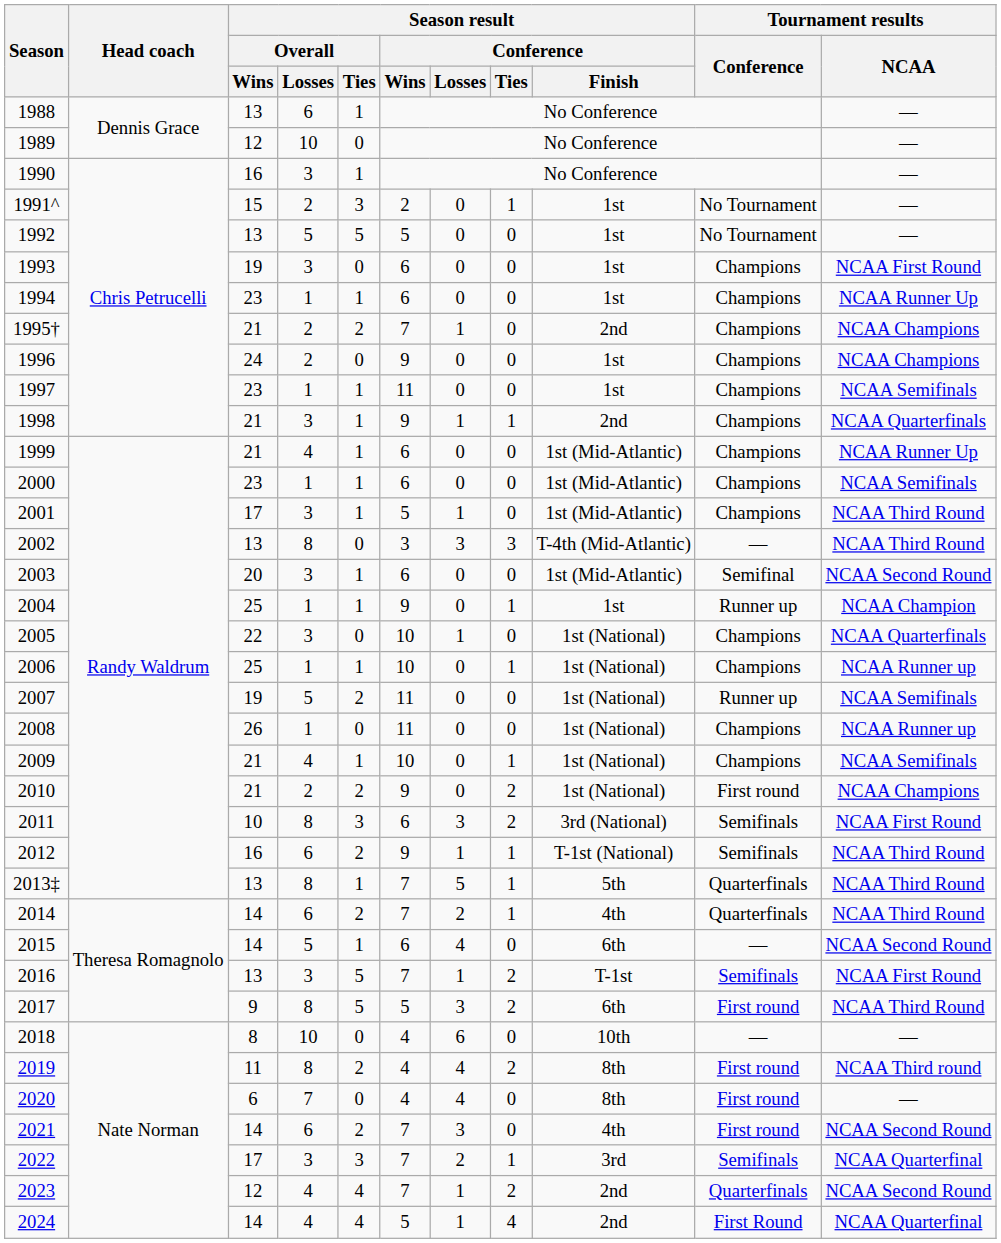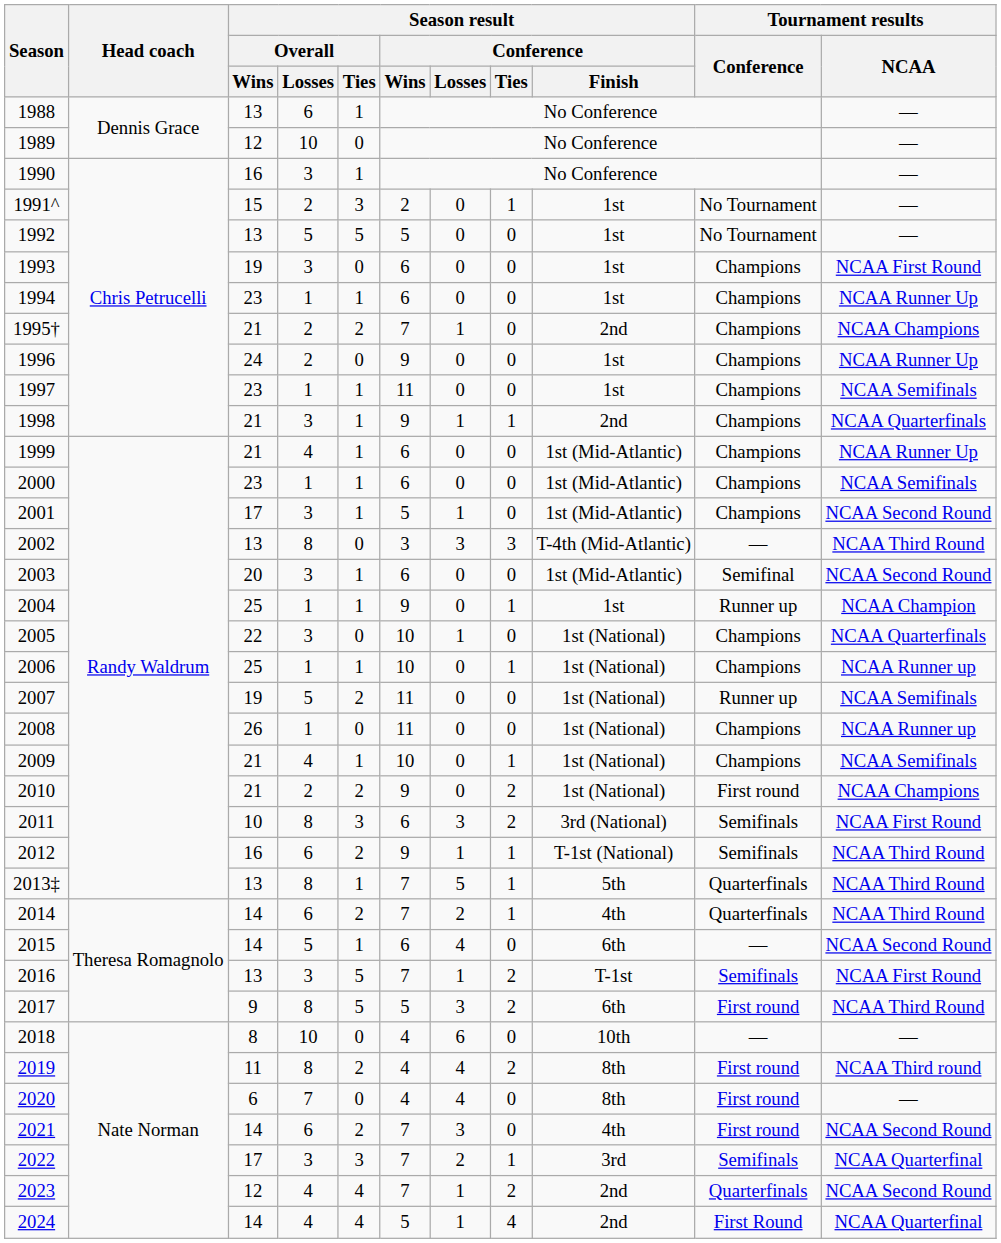 <table class="wikitable" style="font-size: 95%; text-align:center;">
 <tr>
 <th rowspan=3>Season</th>
 <th rowspan=3>Head coach</th>
 <th colspan=7>Season result</th>
 <th colspan=2>Tournament results</th>
 </tr>
 <tr>
 <th colspan=3>Overall</th>
 <th colspan=4>Conference</th>
 <th rowspan=2>Conference</th>
 <th rowspan=2>NCAA</th>
 </tr>
 <tr>
 <th>Wins</th>
 <th>Losses</th>
 <th>Ties</th>
 <th>Wins</th>
 <th>Losses</th>
 <th>Ties</th>
 <th>Finish</th>
 </tr>
 <tr>
 <td>1988</td>
 <td rowspan=2>Dennis Grace</td>
 <td>13</td>
 <td>6</td>
 <td>1</td>
 <td colspan=5>No Conference</td>
 <td>—</td>
 </tr>
 <tr>
 <td>1989</td>
 <td>12</td>
 <td>10</td>
 <td>0</td>
 <td colspan=5>No Conference</td>
 <td>—</td>
 </tr>
 <tr>
 <td>1990</td>
 <td rowspan= 9><a href='#'>Chris Petrucelli</a></td>
 <td>16</td>
 <td>3</td>
 <td>1</td>
 <td colspan=5>No Conference</td>
 <td>—</td>
 </tr>
 <tr>
 <td>1991^</td>
 <td>15</td>
 <td>2</td>
 <td>3</td>
 <td>2</td>
 <td>0</td>
 <td>1</td>
 <td>1st</td>
 <td>No Tournament</td>
 <td>—</td>
 </tr>
 <tr>
 <td>1992</td>
 <td>13</td>
 <td>5</td>
 <td>5</td>
 <td>5</td>
 <td>0</td>
 <td>0</td>
 <td>1st</td>
 <td>No Tournament</td>
 <td>—</td>
 </tr>
 <tr>
 <td>1993</td>
 <td>19</td>
 <td>3</td>
 <td>0</td>
 <td>6</td>
 <td>0</td>
 <td>0</td>
 <td>1st</td>
 <td>Champions</td>
 <td><a href='#'>NCAA First Round</a></td>
 </tr>
 <tr>
 <td>1994</td>
 <td>23</td>
 <td>1</td>
 <td>1</td>
 <td>6</td>
 <td>0</td>
 <td>0</td>
 <td>1st</td>
 <td>Champions</td>
 <td><a href='#'>NCAA Runner Up</a></td>
 </tr>
 <tr>
 <td>1995†</td>
 <td>21</td>
 <td>2</td>
 <td>2</td>
 <td>7</td>
 <td>1</td>
 <td>0</td>
 <td>2nd</td>
 <td>Champions</td>
 <td><a href='#'>NCAA Champions</a></td>
 </tr>
 <tr>
 <td>1996</td>
 <td>24</td>
 <td>2</td>
 <td>0</td>
 <td>9</td>
 <td>0</td>
 <td>0</td>
 <td>1st</td>
 <td>Champions</td>
-<td><a href='#'>NCAA Champions</a></td>
+<td><a href='#'>NCAA Runner Up</a></td>
 </tr>
 <tr>
 <td>1997</td>
 <td>23</td>
 <td>1</td>
 <td>1</td>
 <td>11</td>
 <td>0</td>
 <td>0</td>
 <td>1st</td>
 <td>Champions</td>
 <td><a href='#'>NCAA Semifinals</a></td>
 </tr>
 <tr>
 <td>1998</td>
 <td>21</td>
 <td>3</td>
 <td>1</td>
 <td>9</td>
 <td>1</td>
 <td>1</td>
 <td>2nd</td>
 <td>Champions</td>
 <td><a href='#'>NCAA Quarterfinals</a></td>
 </tr>
 <tr>
 <td>1999</td>
 <td rowspan=15><a href='#'>Randy Waldrum</a></td>
 <td>21</td>
 <td>4</td>
 <td>1</td>
 <td>6</td>
 <td>0</td>
 <td>0</td>
 <td>1st (Mid-Atlantic)</td>
 <td>Champions</td>
 <td><a href='#'>NCAA Runner Up</a></td>
 </tr>
 <tr>
 <td>2000</td>
 <td>23</td>
 <td>1</td>
 <td>1</td>
 <td>6</td>
 <td>0</td>
 <td>0</td>
 <td>1st (Mid-Atlantic)</td>
 <td>Champions</td>
 <td><a href='#'>NCAA Semifinals</a></td>
 </tr>
 <tr>
 <td>2001</td>
 <td>17</td>
 <td>3</td>
 <td>1</td>
 <td>5</td>
 <td>1</td>
 <td>0</td>
 <td>1st (Mid-Atlantic)</td>
 <td>Champions</td>
-<td><a href='#'>NCAA Third Round</a></td>
+<td><a href='#'>NCAA Second Round</a></td>
 </tr>
 <tr>
 <td>2002</td>
 <td>13</td>
 <td>8</td>
 <td>0</td>
 <td>3</td>
 <td>3</td>
 <td>3</td>
 <td>T-4th (Mid-Atlantic)</td>
 <td>—</td>
 <td><a href='#'>NCAA Third Round</a></td>
 </tr>
 <tr>
 <td>2003</td>
 <td>20</td>
 <td>3</td>
 <td>1</td>
 <td>6</td>
 <td>0</td>
 <td>0</td>
 <td>1st (Mid-Atlantic)</td>
 <td>Semifinal</td>
 <td><a href='#'>NCAA Second Round</a></td>
 </tr>
 <tr>
 <td>2004</td>
 <td>25</td>
 <td>1</td>
 <td>1</td>
 <td>9</td>
 <td>0</td>
 <td>1</td>
 <td>1st</td>
 <td>Runner up</td>
 <td><a href='#'>NCAA Champion</a></td>
 </tr>
 <tr>
 <td>2005</td>
 <td>22</td>
 <td>3</td>
 <td>0</td>
 <td>10</td>
 <td>1</td>
 <td>0</td>
 <td>1st (National)</td>
 <td>Champions</td>
 <td><a href='#'>NCAA Quarterfinals</a></td>
 </tr>
 <tr>
 <td>2006</td>
 <td>25</td>
 <td>1</td>
 <td>1</td>
 <td>10</td>
 <td>0</td>
 <td>1</td>
 <td>1st (National)</td>
 <td>Champions</td>
 <td><a href='#'>NCAA Runner up</a></td>
 </tr>
 <tr>
 <td>2007</td>
 <td>19</td>
 <td>5</td>
 <td>2</td>
 <td>11</td>
 <td>0</td>
 <td>0</td>
 <td>1st (National)</td>
 <td>Runner up</td>
 <td><a href='#'>NCAA Semifinals</a></td>
 </tr>
 <tr>
 <td>2008</td>
 <td>26</td>
 <td>1</td>
 <td>0</td>
 <td>11</td>
 <td>0</td>
 <td>0</td>
 <td>1st (National)</td>
 <td>Champions</td>
 <td><a href='#'>NCAA Runner up</a></td>
 </tr>
 <tr>
 <td>2009</td>
 <td>21</td>
 <td>4</td>
 <td>1</td>
 <td>10</td>
 <td>0</td>
 <td>1</td>
 <td>1st (National)</td>
 <td>Champions</td>
 <td><a href='#'>NCAA Semifinals</a></td>
 </tr>
 <tr>
 <td>2010</td>
 <td>21</td>
 <td>2</td>
 <td>2</td>
 <td>9</td>
 <td>0</td>
 <td>2</td>
 <td>1st (National)</td>
 <td>First round</td>
 <td><a href='#'>NCAA Champions</a></td>
 </tr>
 <tr>
 <td>2011</td>
 <td>10</td>
 <td>8</td>
 <td>3</td>
 <td>6</td>
 <td>3</td>
 <td>2</td>
 <td>3rd (National)</td>
 <td>Semifinals</td>
 <td><a href='#'>NCAA First Round</a></td>
 </tr>
 <tr>
 <td>2012</td>
 <td>16</td>
 <td>6</td>
 <td>2</td>
 <td>9</td>
 <td>1</td>
 <td>1</td>
 <td>T-1st (National)</td>
 <td>Semifinals</td>
 <td><a href='#'>NCAA Third Round</a></td>
 </tr>
 <tr>
 <td>2013‡</td>
 <td>13</td>
 <td>8</td>
 <td>1</td>
 <td>7</td>
 <td>5</td>
 <td>1</td>
 <td>5th</td>
 <td>Quarterfinals</td>
 <td><a href='#'>NCAA Third Round</a></td>
 </tr>
 <tr>
 <td>2014</td>
 <td rowspan=4>Theresa Romagnolo</td>
 <td>14</td>
 <td>6</td>
 <td>2</td>
 <td>7</td>
 <td>2</td>
 <td>1</td>
 <td>4th</td>
 <td>Quarterfinals</td>
 <td><a href='#'>NCAA Third Round</a></td>
 </tr>
 <tr>
 <td>2015</td>
 <td>14</td>
 <td>5</td>
 <td>1</td>
 <td>6</td>
 <td>4</td>
 <td>0</td>
 <td>6th</td>
 <td>—</td>
 <td><a href='#'>NCAA Second Round</a></td>
 </tr>
 <tr>
 <td>2016</td>
 <td>13</td>
 <td>3</td>
 <td>5</td>
 <td>7</td>
 <td>1</td>
 <td>2</td>
 <td>T-1st</td>
 <td><a href='#'>Semifinals</a></td>
 <td><a href='#'>NCAA First Round</a></td>
 </tr>
 <tr>
 <td>2017</td>
 <td>9</td>
 <td>8</td>
 <td>5</td>
 <td>5</td>
 <td>3</td>
 <td>2</td>
 <td>6th</td>
 <td><a href='#'>First round</a></td>
 <td><a href='#'>NCAA Third Round</a></td>
 </tr>
 <tr>
 <td>2018</td>
 <td rowspan=7>Nate Norman</td>
 <td>8</td>
 <td>10</td>
 <td>0</td>
 <td>4</td>
 <td>6</td>
 <td>0</td>
 <td>10th</td>
 <td>—</td>
 <td>—</td>
 </tr>
 <tr>
 <td><a href='#'>2019</a></td>
 <td>11</td>
 <td>8</td>
 <td>2</td>
 <td>4</td>
 <td>4</td>
 <td>2</td>
 <td>8th</td>
 <td><a href='#'>First round</a></td>
 <td><a href='#'>NCAA Third round</a></td>
 </tr>
 <tr>
 <td><a href='#'>2020</a></td>
 <td>6</td>
 <td>7</td>
 <td>0</td>
 <td>4</td>
 <td>4</td>
 <td>0</td>
 <td>8th</td>
 <td><a href='#'>First round</a></td>
 <td>—</td>
 </tr>
 <tr>
 <td><a href='#'>2021</a></td>
 <td>14</td>
 <td>6</td>
 <td>2</td>
 <td>7</td>
 <td>3</td>
 <td>0</td>
 <td>4th</td>
 <td><a href='#'>First round</a></td>
 <td><a href='#'>NCAA Second Round</a></td>
 </tr>
 <tr>
 <td><a href='#'>2022</a></td>
 <td>17</td>
 <td>3</td>
 <td>3</td>
 <td>7</td>
 <td>2</td>
 <td>1</td>
 <td>3rd</td>
 <td><a href='#'>Semifinals</a></td>
 <td><a href='#'>NCAA Quarterfinal</a></td>
 </tr>
 <tr>
 <td><a href='#'>2023</a></td>
 <td>12</td>
 <td>4</td>
 <td>4</td>
 <td>7</td>
 <td>1</td>
 <td>2</td>
 <td>2nd</td>
 <td><a href='#'>Quarterfinals</a></td>
 <td><a href='#'>NCAA Second Round</a></td>
 </tr>
 <tr>
 <td><a href='#'>2024</a></td>
 <td>14</td>
 <td>4</td>
 <td>4</td>
 <td>5</td>
 <td>1</td>
 <td>4</td>
 <td>2nd</td>
 <td><a href='#'>First Round</a></td>
 <td><a href='#'>NCAA Quarterfinal</a></td>
 </tr>
 </table>
